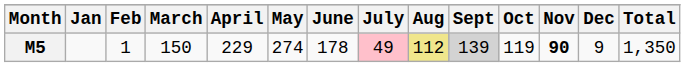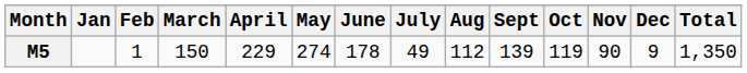 <table class="wikitable">
 <tr style="vertical-align:top; text-align:center;">
 </tr>
 <tr style="vertical-align:top; text-align:center;">
 <th>Month</th>
 <th>Jan</th>
 <th>Feb</th>
 <th>March</th>
 <th>April</th>
 <th>May</th>
 <th>June</th>
 <th>July</th>
 <th>Aug</th>
 <th>Sept</th>
 <th>Oct</th>
 <th>Nov</th>
 <th>Dec</th>
 <th>Total</th>
 </tr>
 <tr style="vertical-align:top; text-align:center;">
 <th>M5</th>
 <td></td>
 <td>1</td>
 <td>150</td>
 <td>229</td>
 <td>274</td>
 <td>178</td>
-<td style="background: pink;">49</td>
-<td style="background: khaki;">112</td>
-<td style="background: lightgrey;">139</td>
+<td>49</td>
+<td>112</td>
+<td>139</td>
 <td>119</td>
-<td><strong>90</strong></td>
+<td>90</td>
 <td>9</td>
 <td>1,350</td>
 </tr>
 </table>
